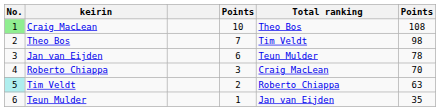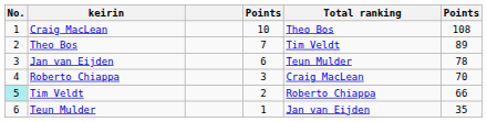 <table class="wikitable">
 <tr>
 <th width="20px">No.</th>
 <th width="200px">keirin</th>
 <th width="70px"></th>
 <th width="40px">Points</th>
 <th width="200px">Total ranking</th>
 <th width="40px">Points</th>
 </tr>
 <tr align=center>
-<td style="background: lightgreen;">1</td>
+<td>1</td>
 <td align=left> <a href='#'>Craig MacLean</a></td>
 <td></td>
 <td>10</td>
 <td align=left> <a href='#'>Theo Bos</a></td>
 <td>108</td>
 </tr>
 <tr align=center>
 <td>2</td>
 <td align=left> <a href='#'>Theo Bos</a></td>
 <td></td>
 <td>7</td>
 <td align=left> <a href='#'>Tim Veldt</a></td>
-<td>98</td>
+<td>89</td>
 </tr>
 <tr align=center>
 <td>3</td>
 <td align=left> <a href='#'>Jan van Eijden</a></td>
 <td></td>
 <td>6</td>
 <td align=left> <a href='#'>Teun Mulder</a></td>
 <td>78</td>
 </tr>
 <tr align=center>
 <td>4</td>
 <td align=left> <a href='#'>Roberto Chiappa</a></td>
 <td></td>
 <td>3</td>
 <td align=left> <a href='#'>Craig MacLean</a></td>
 <td>70</td>
 </tr>
 <tr align=center>
 <td style="background: paleturquoise;">5</td>
 <td align=left> <a href='#'>Tim Veldt</a></td>
 <td></td>
 <td>2</td>
 <td align=left> <a href='#'>Roberto Chiappa</a></td>
-<td>63</td>
+<td>66</td>
 </tr>
 <tr align=center>
 <td>6</td>
 <td align=left> <a href='#'>Teun Mulder</a></td>
 <td></td>
 <td>1</td>
 <td align=left> <a href='#'>Jan van Eijden</a></td>
 <td>35</td>
 </tr>
 </table>
